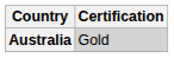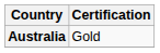 <table class="wikitable plainrowheaders">
 <tr>
 <th scope="col">Country</th>
 <th scope="col">Certification</th>
 </tr>
 <tr>
 <th scope="row">Australia</th>
-<td style="background: lightgrey;">Gold</td>
+<td>Gold</td>
 </tr>
 <tr>
 </tr>
 </table>
